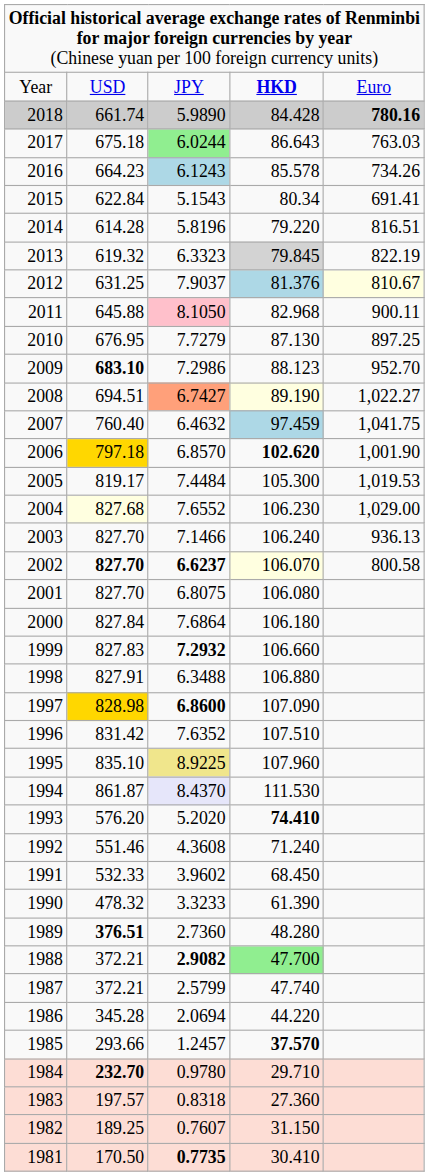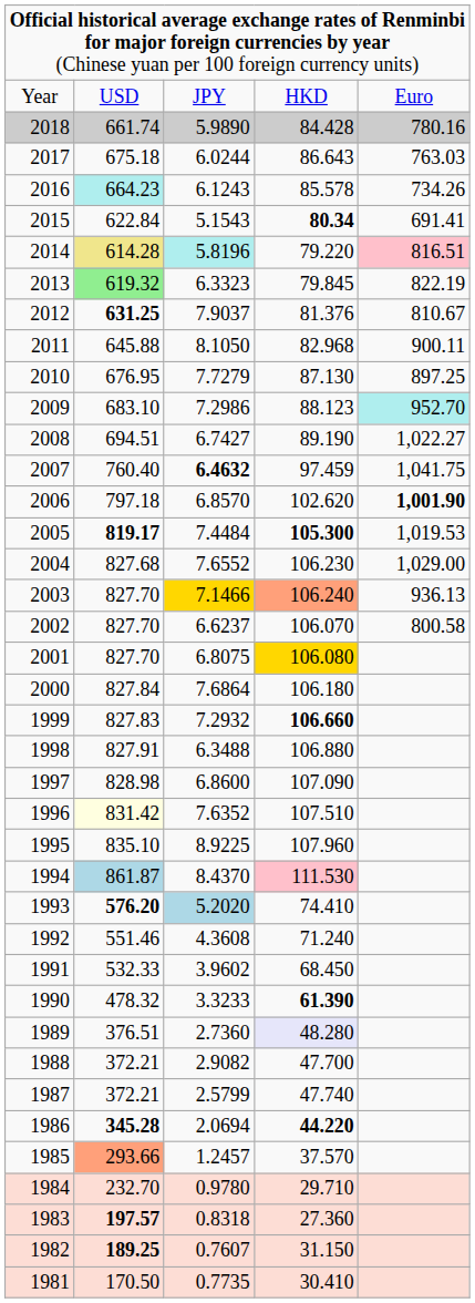 <table class="wikitable">
 <tr align=center>
 <td colspan=6><strong>Official historical average exchange rates of Renminbi <br>for major foreign currencies by year</strong><br>(Chinese yuan per 100 foreign currency units)</td>
 </tr>
 <tr align=center>
 <td>Year</td>
 <td><a href='#'>USD</a></td>
 <td><a href='#'>JPY</a></td>
-<td><strong><a href='#'>HKD</a></strong></td>
+<td><a href='#'>HKD</a></td>
 <td><a href='#'>Euro</a></td>
 </tr>
 <tr align=right bgcolor=#CCCCCC>
 <td>2018</td>
 <td>661.74</td>
 <td>5.9890</td>
 <td>84.428</td>
-<td><strong>780.16</strong></td>
+<td>780.16</td>
 </tr>
 <tr align=right>
 <td>2017</td>
 <td>675.18</td>
-<td style="background: lightgreen;">6.0244</td>
+<td>6.0244</td>
 <td>86.643</td>
 <td>763.03</td>
 </tr>
 <tr align=right>
 <td>2016</td>
-<td>664.23</td>
-<td style="background: lightblue;">6.1243</td>
+<td style="background: paleturquoise;">664.23</td>
+<td>6.1243</td>
 <td>85.578</td>
 <td>734.26</td>
 </tr>
 <tr align=right>
 <td>2015</td>
 <td>622.84</td>
 <td>5.1543</td>
-<td>80.34</td>
+<td><strong>80.34</strong></td>
 <td>691.41</td>
 </tr>
 <tr align=right>
 <td>2014</td>
-<td>614.28</td>
-<td>5.8196</td>
+<td style="background: khaki;">614.28</td>
+<td style="background: paleturquoise;">5.8196</td>
 <td>79.220</td>
-<td>816.51</td>
+<td style="background: pink;">816.51</td>
 </tr>
 <tr align=right>
 <td>2013</td>
-<td>619.32</td>
+<td style="background: lightgreen;">619.32</td>
 <td>6.3323</td>
-<td style="background: lightgrey;">79.845</td>
+<td>79.845</td>
 <td>822.19</td>
 </tr>
 <tr align=right>
 <td>2012</td>
-<td>631.25</td>
+<td><strong>631.25</strong></td>
 <td>7.9037</td>
-<td style="background: lightblue;">81.376</td>
-<td style="background: lightyellow;">810.67</td>
+<td>81.376</td>
+<td>810.67</td>
 </tr>
 <tr align=right>
 <td>2011</td>
 <td>645.88</td>
-<td style="background: pink;">8.1050</td>
+<td>8.1050</td>
 <td>82.968</td>
 <td>900.11</td>
 </tr>
 <tr align=right>
 <td>2010</td>
 <td>676.95</td>
 <td>7.7279</td>
 <td>87.130</td>
 <td>897.25</td>
 </tr>
 <tr align=right>
 <td>2009</td>
-<td><strong>683.10</strong></td>
+<td>683.10</td>
 <td>7.2986</td>
 <td>88.123</td>
-<td>952.70</td>
+<td style="background: paleturquoise;">952.70</td>
 </tr>
 <tr align=right>
 <td>2008</td>
 <td>694.51</td>
-<td style="background: lightsalmon;">6.7427</td>
-<td style="background: lightyellow;">89.190</td>
+<td>6.7427</td>
+<td>89.190</td>
 <td>1,022.27</td>
 </tr>
 <tr align=right>
 <td>2007</td>
 <td>760.40</td>
-<td>6.4632</td>
-<td style="background: lightblue;">97.459</td>
+<td><strong>6.4632</strong></td>
+<td>97.459</td>
 <td>1,041.75</td>
 </tr>
 <tr align=right>
 <td>2006</td>
-<td style="background: gold;">797.18</td>
+<td>797.18</td>
 <td>6.8570</td>
-<td><strong>102.620</strong></td>
-<td>1,001.90</td>
+<td>102.620</td>
+<td><strong>1,001.90</strong></td>
 </tr>
 <tr align=right>
 <td>2005</td>
-<td>819.17</td>
+<td><strong>819.17</strong></td>
 <td>7.4484</td>
-<td>105.300</td>
+<td><strong>105.300</strong></td>
 <td>1,019.53</td>
 </tr>
 <tr align=right>
 <td>2004</td>
-<td style="background: lightyellow;">827.68</td>
+<td>827.68</td>
 <td>7.6552</td>
 <td>106.230</td>
 <td>1,029.00</td>
 </tr>
 <tr align=right>
 <td>2003</td>
 <td>827.70</td>
-<td>7.1466</td>
-<td>106.240</td>
+<td style="background: gold;">7.1466</td>
+<td style="background: lightsalmon;">106.240</td>
 <td>936.13</td>
 </tr>
 <tr align=right>
 <td>2002</td>
-<td><strong>827.70</strong></td>
-<td><strong>6.6237</strong></td>
-<td style="background: lightyellow;">106.070</td>
+<td>827.70</td>
+<td>6.6237</td>
+<td>106.070</td>
 <td>800.58</td>
 </tr>
 <tr align=right>
 <td>2001</td>
 <td>827.70</td>
 <td>6.8075</td>
-<td>106.080</td>
+<td style="background: gold;">106.080</td>
 <td></td>
 </tr>
 <tr align=right>
 <td>2000</td>
 <td>827.84</td>
 <td>7.6864</td>
 <td>106.180</td>
 <td></td>
 </tr>
 <tr align=right>
 <td>1999</td>
 <td>827.83</td>
-<td><strong>7.2932</strong></td>
-<td>106.660</td>
+<td>7.2932</td>
+<td><strong>106.660</strong></td>
 <td></td>
 </tr>
 <tr align=right>
 <td>1998</td>
 <td>827.91</td>
 <td>6.3488</td>
 <td>106.880</td>
 <td></td>
 </tr>
 <tr align=right>
 <td>1997</td>
-<td style="background: gold;">828.98</td>
-<td><strong>6.8600</strong></td>
+<td>828.98</td>
+<td>6.8600</td>
 <td>107.090</td>
 <td></td>
 </tr>
 <tr align=right>
 <td>1996</td>
-<td>831.42</td>
+<td style="background: lightyellow;">831.42</td>
 <td>7.6352</td>
 <td>107.510</td>
 <td></td>
 </tr>
 <tr align=right>
 <td>1995</td>
 <td>835.10</td>
-<td style="background: khaki;">8.9225</td>
+<td>8.9225</td>
 <td>107.960</td>
 <td></td>
 </tr>
 <tr align=right>
 <td>1994</td>
-<td>861.87</td>
-<td style="background: lavender;">8.4370</td>
-<td>111.530</td>
+<td style="background: lightblue;">861.87</td>
+<td>8.4370</td>
+<td style="background: pink;">111.530</td>
 <td></td>
 </tr>
 <tr align=right>
 <td>1993</td>
-<td>576.20</td>
-<td>5.2020</td>
-<td><strong>74.410</strong></td>
+<td><strong>576.20</strong></td>
+<td style="background: lightblue;">5.2020</td>
+<td>74.410</td>
 <td></td>
 </tr>
 <tr align=right>
 <td>1992</td>
 <td>551.46</td>
 <td>4.3608</td>
 <td>71.240</td>
 <td></td>
 </tr>
 <tr align=right>
 <td>1991</td>
 <td>532.33</td>
 <td>3.9602</td>
 <td>68.450</td>
 <td></td>
 </tr>
 <tr align=right>
 <td>1990</td>
 <td>478.32</td>
 <td>3.3233</td>
-<td>61.390</td>
+<td><strong>61.390</strong></td>
 <td></td>
 </tr>
 <tr align=right>
 <td>1989</td>
-<td><strong>376.51</strong></td>
+<td>376.51</td>
 <td>2.7360</td>
-<td>48.280</td>
+<td style="background: lavender;">48.280</td>
 <td></td>
 </tr>
 <tr align=right>
 <td>1988</td>
 <td>372.21</td>
-<td><strong>2.9082</strong></td>
-<td style="background: lightgreen;">47.700</td>
+<td>2.9082</td>
+<td>47.700</td>
 <td></td>
 </tr>
 <tr align=right>
 <td>1987</td>
 <td>372.21</td>
 <td>2.5799</td>
 <td>47.740</td>
 <td></td>
 </tr>
 <tr align=right>
 <td>1986</td>
-<td>345.28</td>
+<td><strong>345.28</strong></td>
 <td>2.0694</td>
-<td>44.220</td>
+<td><strong>44.220</strong></td>
 <td></td>
 </tr>
 <tr align=right>
 <td>1985</td>
-<td>293.66</td>
+<td style="background: lightsalmon;">293.66</td>
 <td>1.2457</td>
-<td><strong>37.570</strong></td>
+<td>37.570</td>
 <td></td>
 </tr>
 <tr align=right bgcolor=FDDDD5>
 <td>1984</td>
-<td><strong>232.70</strong></td>
+<td>232.70</td>
 <td>0.9780</td>
 <td>29.710</td>
 <td></td>
 </tr>
 <tr align=right bgcolor=FDDDD5>
 <td>1983</td>
-<td>197.57</td>
+<td><strong>197.57</strong></td>
 <td>0.8318</td>
 <td>27.360</td>
 <td></td>
 </tr>
 <tr align=right bgcolor=FDDDD5>
 <td>1982</td>
-<td>189.25</td>
+<td><strong>189.25</strong></td>
 <td>0.7607</td>
 <td>31.150</td>
 <td></td>
 </tr>
 <tr align=right bgcolor=FDDDD5>
 <td>1981</td>
 <td>170.50</td>
-<td><strong>0.7735</strong></td>
+<td>0.7735</td>
 <td>30.410</td>
 <td></td>
 </tr>
 </table>
